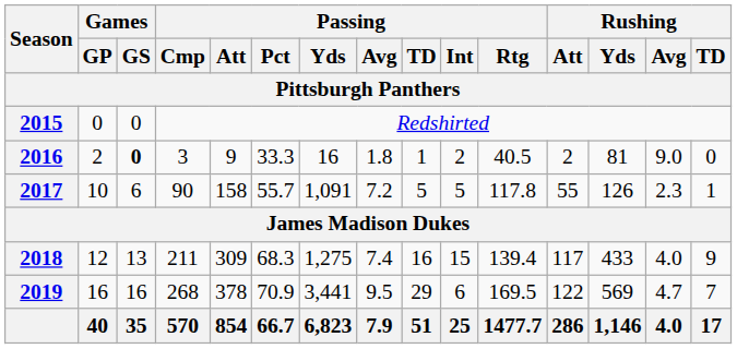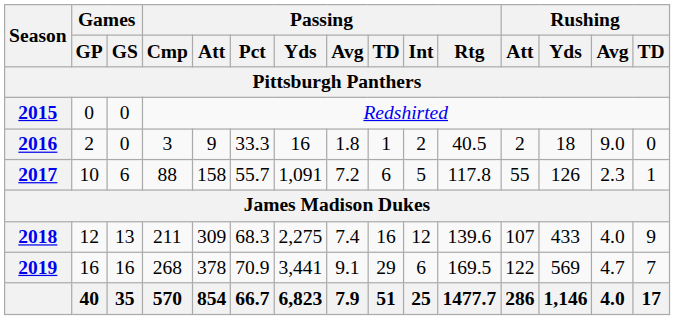 <table class="wikitable" style="text-align:center;">
 <tr>
 <th rowspan="2">Season</th>
 <th colspan="2">Games</th>
 <th colspan="8">Passing</th>
 <th colspan="4">Rushing</th>
 </tr>
 <tr>
 <th>GP</th>
 <th>GS</th>
 <th>Cmp</th>
 <th>Att</th>
 <th>Pct</th>
 <th>Yds</th>
 <th>Avg</th>
 <th>TD</th>
 <th>Int</th>
 <th>Rtg</th>
 <th>Att</th>
 <th>Yds</th>
 <th>Avg</th>
 <th>TD</th>
 </tr>
 <tr>
 <th colspan="15">Pittsburgh Panthers</th>
 </tr>
 <tr>
 <th><a href='#'>2015</a></th>
 <td>0</td>
 <td>0</td>
 <td colspan="15"><em><a href='#'>Redshirted</a></em></td>
 </tr>
 <tr>
 <th><a href='#'>2016</a></th>
 <td>2</td>
-<td><strong>0</strong></td>
+<td>0</td>
 <td>3</td>
 <td>9</td>
 <td>33.3</td>
 <td>16</td>
 <td>1.8</td>
 <td>1</td>
 <td>2</td>
 <td>40.5</td>
 <td>2</td>
-<td>81</td>
+<td>18</td>
 <td>9.0</td>
 <td>0</td>
 </tr>
 <tr>
 <th><a href='#'>2017</a></th>
 <td>10</td>
 <td>6</td>
-<td>90</td>
+<td>88</td>
 <td>158</td>
 <td>55.7</td>
 <td>1,091</td>
 <td>7.2</td>
-<td>5</td>
+<td>6</td>
 <td>5</td>
 <td>117.8</td>
 <td>55</td>
 <td>126</td>
 <td>2.3</td>
 <td>1</td>
 </tr>
 <tr>
 <th colspan="15">James Madison Dukes</th>
 </tr>
 <tr>
 <th><a href='#'>2018</a></th>
 <td>12</td>
 <td>13</td>
 <td>211</td>
 <td>309</td>
 <td>68.3</td>
-<td>1,275</td>
+<td>2,275</td>
 <td>7.4</td>
 <td>16</td>
-<td>15</td>
-<td>139.4</td>
-<td>117</td>
+<td>12</td>
+<td>139.6</td>
+<td>107</td>
 <td>433</td>
 <td>4.0</td>
 <td>9</td>
 </tr>
 <tr>
 <th><a href='#'>2019</a></th>
 <td>16</td>
 <td>16</td>
 <td>268</td>
 <td>378</td>
 <td>70.9</td>
 <td>3,441</td>
-<td>9.5</td>
+<td>9.1</td>
 <td>29</td>
 <td>6</td>
 <td>169.5</td>
 <td>122</td>
 <td>569</td>
 <td>4.7</td>
 <td>7</td>
 </tr>
 <tr>
 <th></th>
 <th>40</th>
 <th>35</th>
 <th>570</th>
 <th>854</th>
 <th>66.7</th>
 <th>6,823</th>
 <th>7.9</th>
 <th>51</th>
 <th>25</th>
 <th>1477.7</th>
 <th>286</th>
 <th>1,146</th>
 <th>4.0</th>
 <th>17</th>
 </tr>
 </table>
